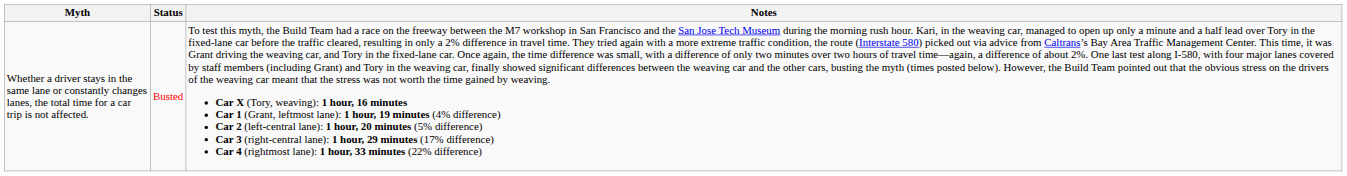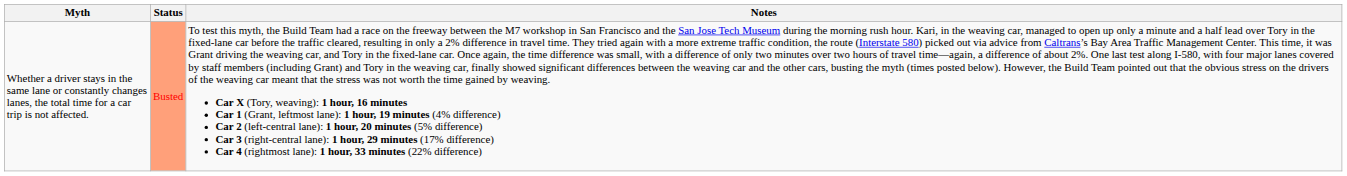 <table class="wikitable plainrowheaders">
 <tr>
 <th scope"col">Myth</th>
 <th scope"col">Status</th>
 <th scope"col">Notes</th>
 </tr>
 <tr>
 <td scope"row">Whether a driver stays in the same lane or constantly changes lanes, the total time for a car trip is not affected.</td>
-<td style="color:red">Busted</td>
+<td style="background: lightsalmon; color:red">Busted</td>
 <td>To test this myth, the Build Team had a race on the freeway between the M7 workshop in San Francisco and the <a href='#'>San Jose Tech Museum</a> during the morning rush hour.  Kari, in the weaving car, managed to open up only a minute and a half lead over Tory in the fixed-lane car before the traffic cleared, resulting in only a 2% difference in travel time.  They tried again with a more extreme traffic condition, the route (<a href='#'>Interstate 580</a>) picked out via advice from <a href='#'>Caltrans</a>’s Bay Area Traffic Management Center.  This time, it was Grant driving the weaving car, and Tory in the fixed-lane car.  Once again, the time difference was small, with a difference of only two minutes over two hours of travel time—again, a difference of about 2%.  One last test along I-580, with four major lanes covered by staff members (including Grant) and Tory in the weaving car, finally showed significant differences between the weaving car and the other cars, busting the myth (times posted below).  However, the Build Team pointed out that the obvious stress on the drivers of the weaving car meant that the stress was not worth the time gained by weaving.<br><ul><li><strong>Car X</strong> (Tory, weaving): <strong>1 hour, 16 minutes</strong></li><li><strong>Car 1</strong> (Grant, leftmost lane): <strong>1 hour, 19 minutes</strong> (4% difference)</li><li><strong>Car 2</strong> (left-central lane): <strong>1 hour, 20 minutes</strong> (5% difference)</li><li><strong>Car 3</strong> (right-central lane): <strong>1 hour, 29 minutes</strong> (17% difference)</li><li><strong>Car 4</strong> (rightmost lane): <strong>1 hour, 33 minutes</strong> (22% difference)</li></ul></td>
 </tr>
 </table>
